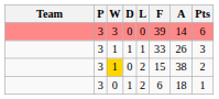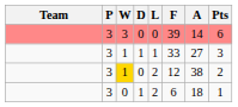 <table class="wikitable" style="text-align:center;">
 <tr>
 <th width="120px">Team</th>
 <th>P</th>
 <th>W</th>
 <th>D</th>
 <th>L</th>
 <th width="23px">F</th>
 <th width="23px">A</th>
 <th width="23px">Pts</th>
 </tr>
 <tr bgcolor="#FF8888">
 <td></td>
 <td>3</td>
 <td>3</td>
 <td>0</td>
 <td>0</td>
 <td>39</td>
 <td>14</td>
 <td>6</td>
 </tr>
 <tr>
 <td></td>
 <td>3</td>
 <td>1</td>
 <td>1</td>
 <td>1</td>
 <td>33</td>
-<td>26</td>
+<td>27</td>
 <td>3</td>
 </tr>
 <tr>
 <td></td>
 <td>3</td>
 <td style="background: gold;">1</td>
 <td>0</td>
 <td>2</td>
-<td>15</td>
+<td>12</td>
 <td>38</td>
 <td>2</td>
 </tr>
 <tr>
 <td></td>
 <td>3</td>
 <td>0</td>
 <td>1</td>
 <td>2</td>
 <td>6</td>
 <td>18</td>
 <td>1</td>
 </tr>
 </table>
